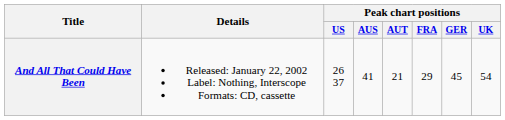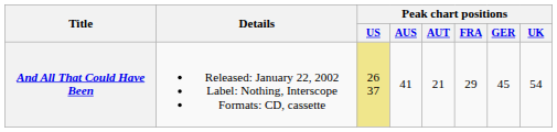 <table class="wikitable plainrowheaders" style="text-align:center;">
 <tr>
 <th scope="col" rowspan="2" style="width:12em;">Title</th>
 <th scope="col" rowspan="2" style="width:16em;">Details</th>
 <th scope="col" colspan="6">Peak chart positions</th>
 </tr>
 <tr>
 <th scope="col" style="width:2.5em;font-size:90%;"><a href='#'>US</a><br></th>
 <th scope="col" style="width:2.5em;font-size:90%;"><a href='#'>AUS</a><br></th>
 <th scope="col" style="width:2.5em;font-size:90%;"><a href='#'>AUT</a><br></th>
 <th scope="col" style="width:2.5em;font-size:90%;"><a href='#'>FRA</a><br></th>
 <th scope="col" style="width:2.5em;font-size:90%;"><a href='#'>GER</a><br></th>
 <th scope="col" style="width:2.5em;font-size:90%;"><a href='#'>UK</a><br></th>
 </tr>
 <tr>
 <th scope="row"><em><a href='#'>And All That Could Have Been</a></em></th>
 <td><br><ul><li>Released: January 22, 2002</li><li>Label: Nothing, Interscope</li><li>Formats: CD, cassette</li></ul></td>
-<td>26<br>37<br></td>
+<td style="background: khaki;">26<br>37<br></td>
 <td>41</td>
 <td>21</td>
 <td>29</td>
 <td>45</td>
 <td>54</td>
 </tr>
 </table>
